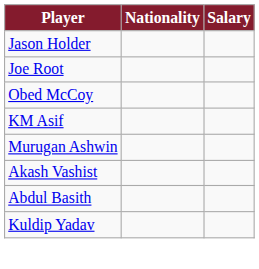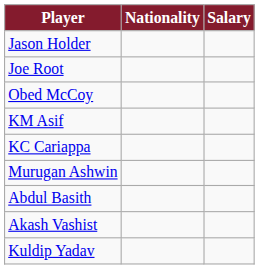 <table class="wikitable" style="font-size:90%;">
 <tr>
 <th style="background: #841B2D;color:white">Player</th>
 <th style="background: #841B2D;color:white">Nationality</th>
 <th style="background: #841B2D;color:white">Salary</th>
 </tr>
 <tr>
 <td><a href='#'>Jason Holder</a></td>
 <td></td>
 <td></td>
 </tr>
 <tr>
 <td><a href='#'>Joe Root</a></td>
 <td></td>
 <td></td>
 </tr>
 <tr>
 <td><a href='#'>Obed McCoy</a></td>
 <td></td>
 <td></td>
 </tr>
 <tr>
 <td><a href='#'>KM Asif</a></td>
 <td></td>
 <td></td>
 </tr>
 <tr>
+<td><a href='#'>KC Cariappa</a></td>
+<td></td>
+<td></td>
+</tr>
+<tr>
 <td><a href='#'>Murugan Ashwin</a></td>
+<td></td>
+<td></td>
+</tr>
+<tr>
+<td><a href='#'>Abdul Basith</a></td>
 <td></td>
 <td></td>
 </tr>
 <tr>
 <td><a href='#'>Akash Vashist</a></td>
 <td></td>
 <td></td>
 </tr>
 <tr>
-<td><a href='#'>Abdul Basith</a></td>
-<td></td>
-<td></td>
-</tr>
-<tr>
 <td><a href='#'>Kuldip Yadav</a></td>
 <td></td>
 <td></td>
 </tr>
 </table>
